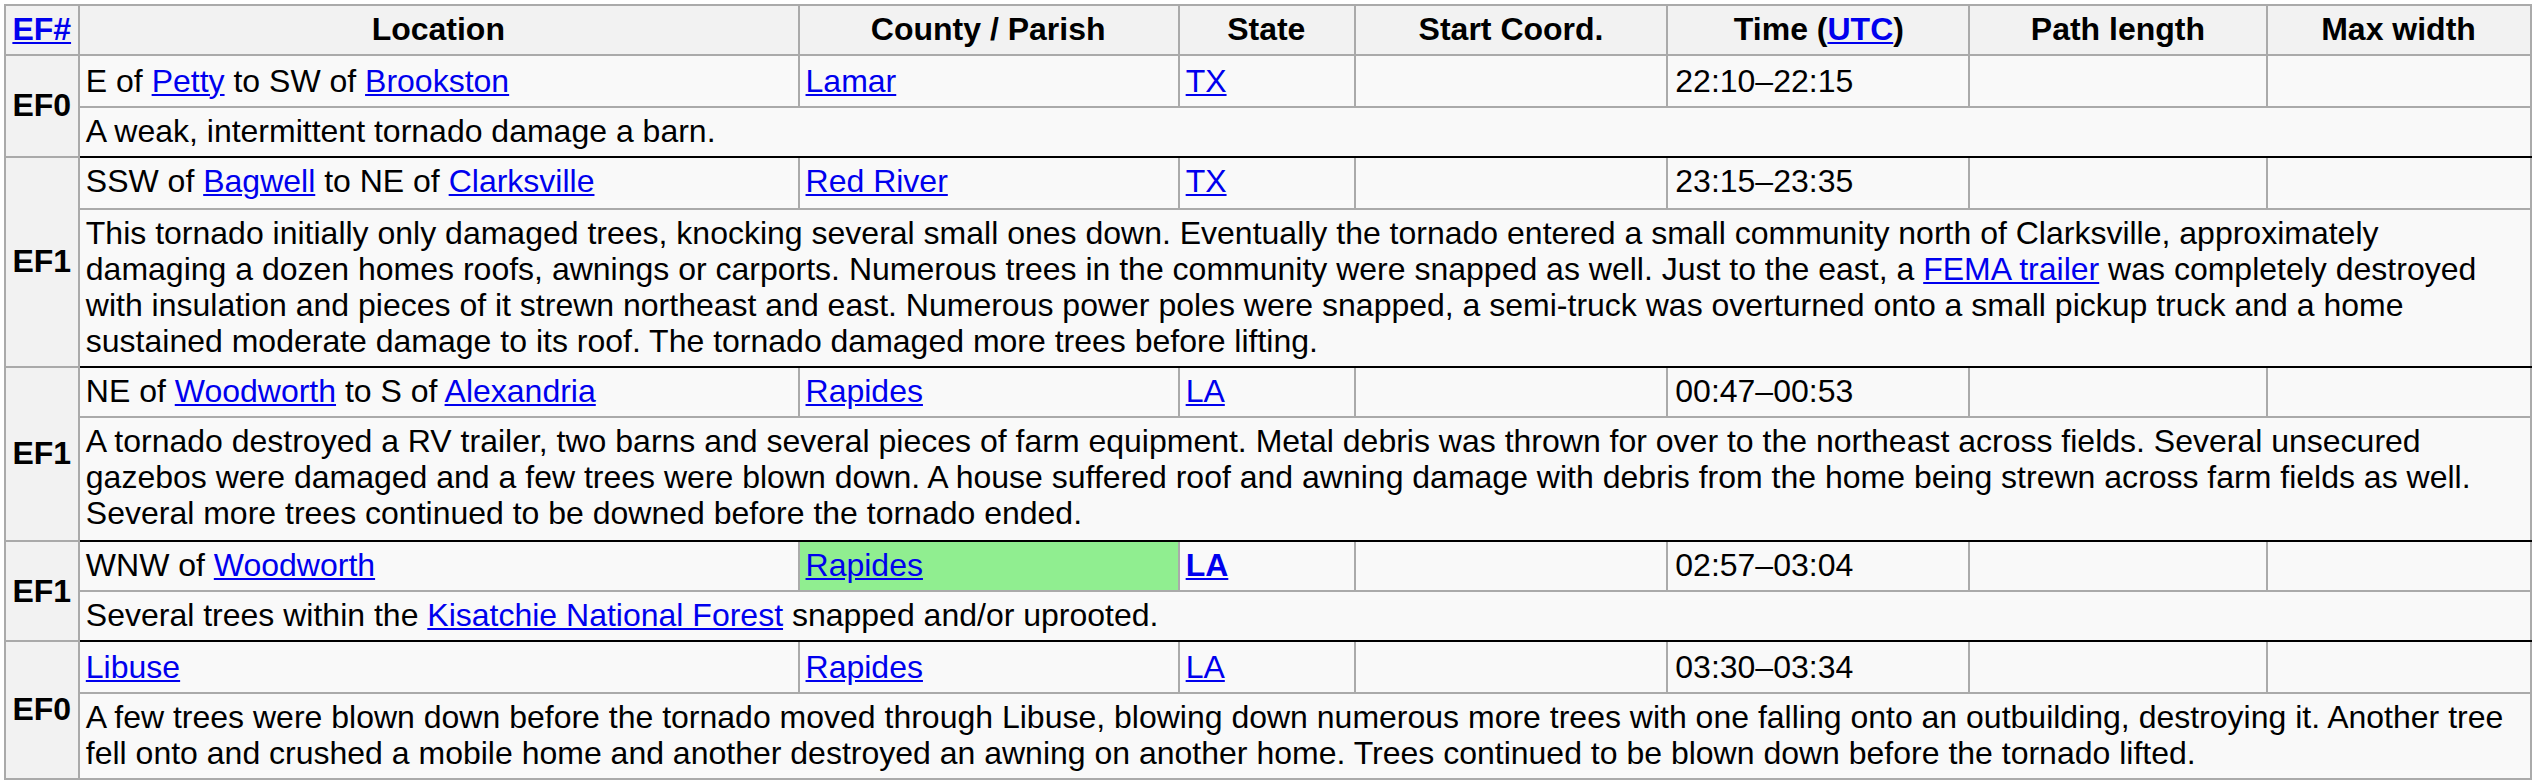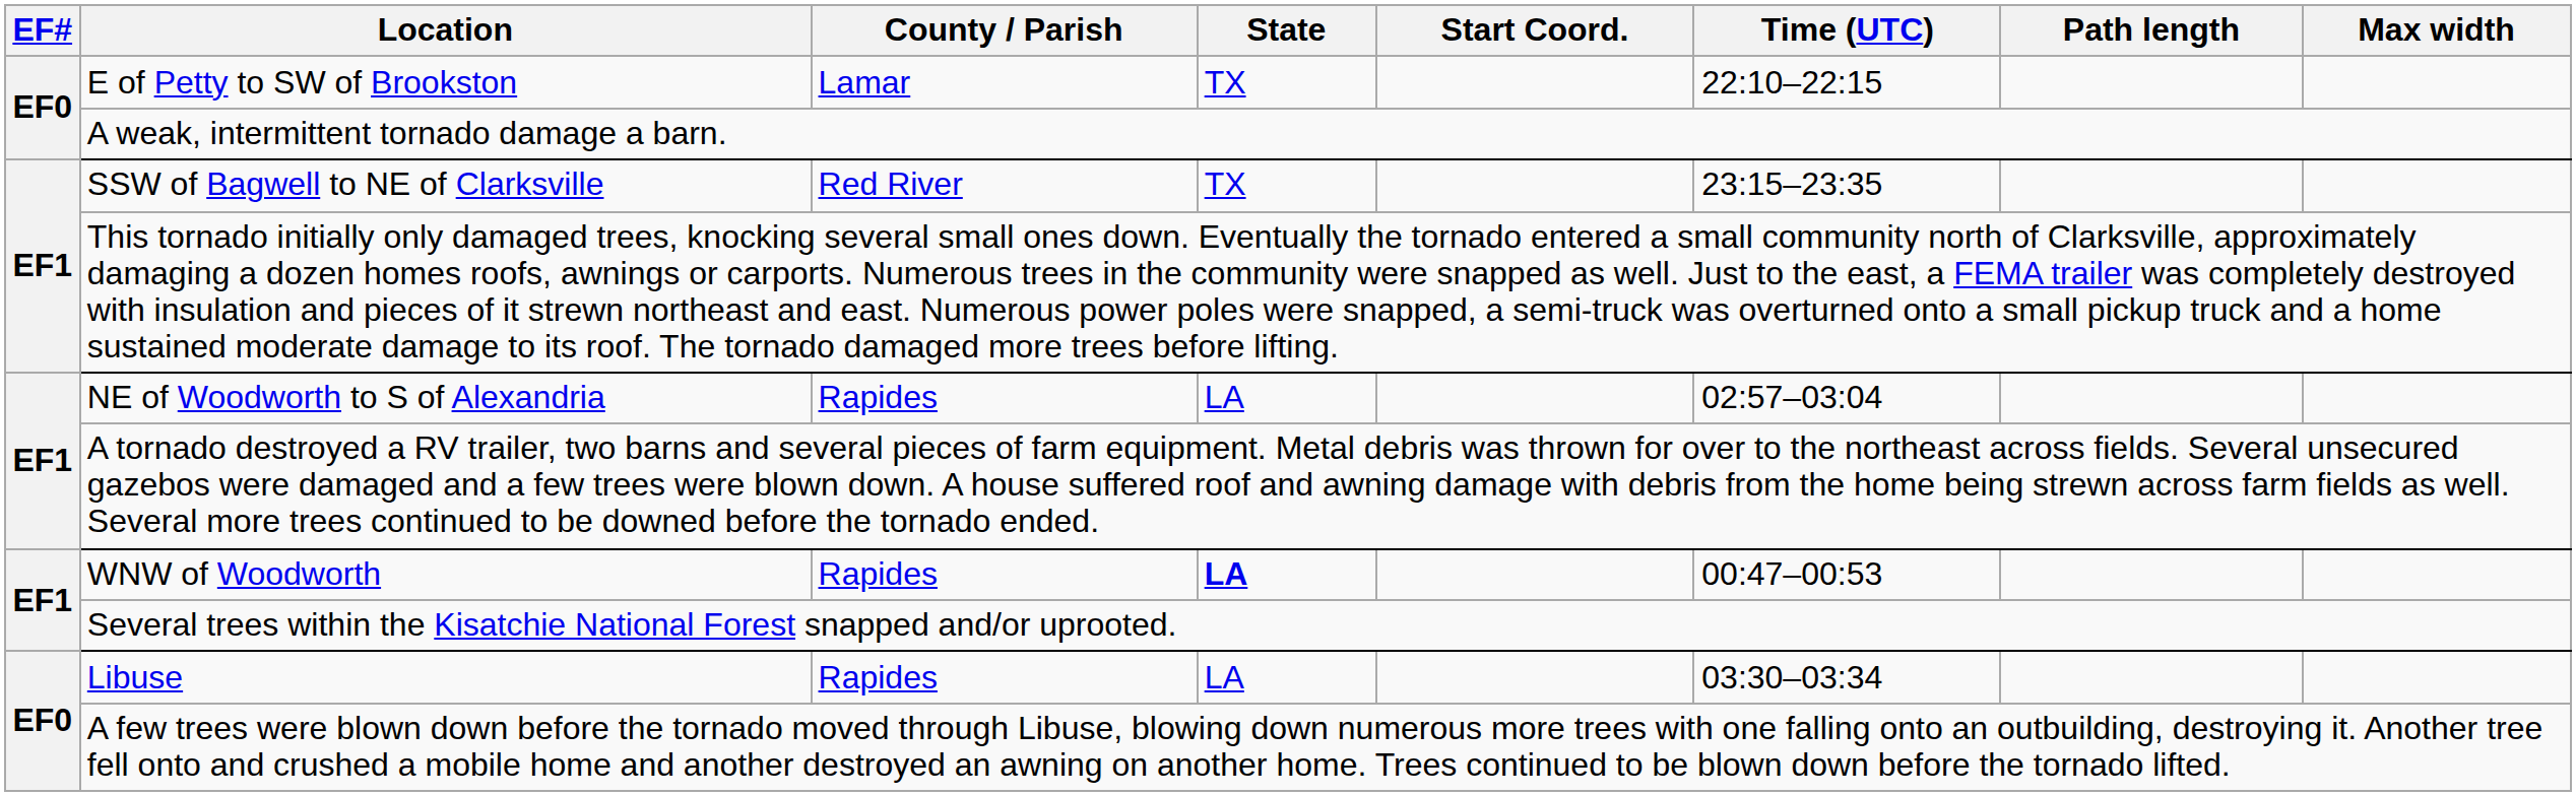 <table class="wikitable sortable" style="width:100%;">
 <tr>
 <th scope="col" width="2%" align="center"><a href='#'>EF#</a></th>
 <th scope="col" align="center" class="unsortable">Location</th>
 <th scope="col" align="center" class="unsortable">County / Parish</th>
 <th scope="col" align="center">State</th>
 <th scope="col" align="center">Start Coord.</th>
 <th scope="col" align="center">Time (<a href='#'>UTC</a>)</th>
 <th scope="col" align="center">Path length</th>
 <th scope="col" align="center">Max width</th>
 </tr>
 <tr>
 <th scope="row" rowspan="2" style="background-color:#">EF0</th>
 <td>E of <a href='#'>Petty</a> to SW of <a href='#'>Brookston</a></td>
 <td><a href='#'>Lamar</a></td>
 <td><a href='#'>TX</a></td>
 <td></td>
 <td>22:10–22:15</td>
 <td></td>
 <td></td>
 </tr>
 <tr class="expand-child">
 <td colspan="8" style=" border-bottom: 1px solid black;">A weak, intermittent tornado damage a barn.</td>
 </tr>
 <tr>
 <th scope="row" rowspan="2" style="background-color:#">EF1</th>
 <td>SSW of <a href='#'>Bagwell</a> to NE of <a href='#'>Clarksville</a></td>
 <td><a href='#'>Red River</a></td>
 <td><a href='#'>TX</a></td>
 <td></td>
 <td>23:15–23:35</td>
 <td></td>
 <td></td>
 </tr>
 <tr class="expand-child">
 <td colspan="8" style=" border-bottom: 1px solid black;">This tornado initially only damaged trees, knocking several small ones down. Eventually the tornado entered a small community north of Clarksville, approximately damaging a dozen homes roofs, awnings or carports. Numerous trees in the community were snapped as well. Just to the east, a <a href='#'>FEMA trailer</a> was completely destroyed with insulation and pieces of it strewn northeast and east. Numerous power poles were snapped, a semi-truck was overturned onto a small pickup truck and a home sustained moderate damage to its roof. The tornado damaged more trees before lifting.</td>
 </tr>
 <tr>
 <th scope="row" rowspan="2" style="background-color:#">EF1</th>
 <td>NE of <a href='#'>Woodworth</a> to S of <a href='#'>Alexandria</a></td>
 <td><a href='#'>Rapides</a></td>
 <td><a href='#'>LA</a></td>
 <td></td>
-<td>00:47–00:53</td>
+<td>02:57–03:04</td>
 <td></td>
 <td></td>
 </tr>
 <tr class="expand-child">
 <td colspan="8" style=" border-bottom: 1px solid black;">A tornado destroyed a RV trailer, two barns and several pieces of farm equipment. Metal debris was thrown for over  to the northeast across fields. Several unsecured gazebos were damaged and a few trees were blown down. A house suffered roof and awning damage with debris from the home being strewn across farm fields as well. Several more trees continued to be downed before the tornado ended.</td>
 </tr>
 <tr>
 <th scope="row" rowspan="2" style="background-color:#">EF1</th>
 <td>WNW of <a href='#'>Woodworth</a></td>
-<td style="background: lightgreen;"><a href='#'>Rapides</a></td>
+<td><a href='#'>Rapides</a></td>
 <td><strong><a href='#'>LA</a></strong></td>
 <td></td>
-<td>02:57–03:04</td>
+<td>00:47–00:53</td>
 <td></td>
 <td></td>
 </tr>
 <tr class="expand-child">
 <td colspan="8" style=" border-bottom: 1px solid black;">Several trees within the <a href='#'>Kisatchie National Forest</a> snapped and/or uprooted.</td>
 </tr>
 <tr>
 <th scope="row" rowspan="2" style="background-color:#">EF0</th>
 <td><a href='#'>Libuse</a></td>
 <td><a href='#'>Rapides</a></td>
 <td><a href='#'>LA</a></td>
 <td></td>
 <td>03:30–03:34</td>
 <td></td>
 <td></td>
 </tr>
 <tr class="expand-child">
 <td colspan="8" style=" border-bottom: 1px solid black;">A few trees were blown down before the tornado moved through Libuse, blowing down numerous more trees with one falling onto an outbuilding, destroying it. Another tree fell onto and crushed a mobile home and another destroyed an awning on another home. Trees continued to be blown down before the tornado lifted.</td>
 </tr>
 <tr>
 </tr>
 </table>
